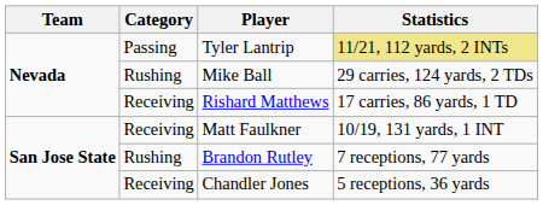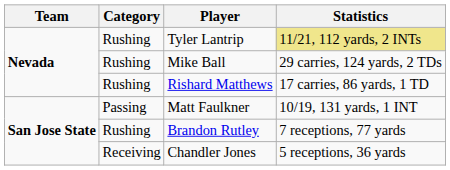 <table class="wikitable" style="float: left;">
 <tr>
 <th>Team</th>
 <th>Category</th>
 <th>Player</th>
 <th>Statistics</th>
 </tr>
 <tr>
 <td rowspan=3><strong>Nevada</strong></td>
-<td>Passing</td>
+<td>Rushing</td>
 <td>Tyler Lantrip</td>
 <td style="background: khaki;">11/21, 112 yards, 2 INTs</td>
 </tr>
 <tr>
 <td>Rushing</td>
 <td>Mike Ball</td>
 <td>29 carries, 124 yards, 2 TDs</td>
 </tr>
 <tr>
-<td>Receiving</td>
+<td>Rushing</td>
 <td><a href='#'>Rishard Matthews</a></td>
 <td>17 carries, 86 yards, 1 TD</td>
 </tr>
 <tr>
 <td rowspan=3><strong>San Jose State</strong></td>
-<td>Receiving</td>
+<td>Passing</td>
 <td>Matt Faulkner</td>
 <td>10/19, 131 yards, 1 INT</td>
 </tr>
 <tr>
 <td>Rushing</td>
 <td><a href='#'>Brandon Rutley</a></td>
 <td>7 receptions, 77 yards</td>
 </tr>
 <tr>
 <td>Receiving</td>
 <td>Chandler Jones</td>
 <td>5 receptions, 36 yards</td>
 </tr>
 </table>
